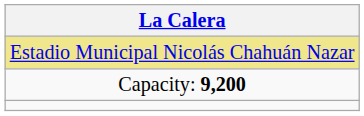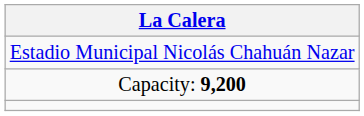 <table class="wikitable" style="text-align:center; margin:auto;" align=right>
 <tr>
 <th><a href='#'>La Calera</a></th>
 </tr>
 <tr>
-<td style="background: khaki;"><a href='#'>Estadio Municipal Nicolás Chahuán Nazar</a></td>
+<td><a href='#'>Estadio Municipal Nicolás Chahuán Nazar</a></td>
 </tr>
 <tr>
 <td>Capacity: <strong>9,200</strong></td>
 </tr>
 <tr>
 <td></td>
 </tr>
 </table>
